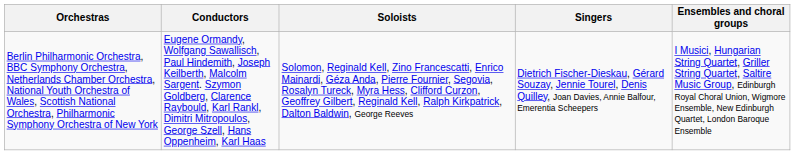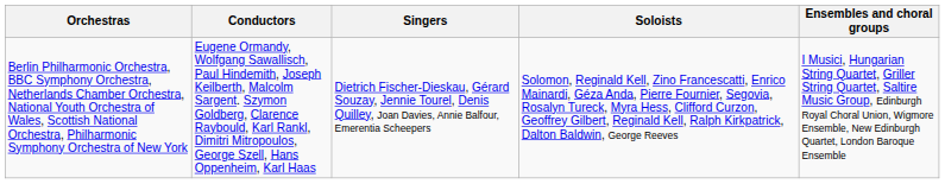 <table class="wikitable toptextcells">
 <tr class="hintergrundfarbe5">
 <th style="width:20%;">Orchestras</th>
 <th style="width:15%;">Conductors</th>
+<th style="width:20%;">Singers</th>
 <th style="width:30%;">Soloists</th>
-<th style="width:20%;">Singers</th>
 <th style="width:15%;">Ensembles and choral groups</th>
 </tr>
 <tr>
 <td><a href='#'>Berlin Philharmonic Orchestra</a>, <a href='#'>BBC Symphony Orchestra</a>, <a href='#'>Netherlands Chamber Orchestra</a>, <a href='#'>National Youth Orchestra of Wales</a>, <a href='#'>Scottish National Orchestra</a>, <a href='#'>Philharmonic Symphony Orchestra of New York</a></td>
 <td><a href='#'>Eugene Ormandy</a>, <a href='#'>Wolfgang Sawallisch</a>, <a href='#'>Paul Hindemith</a>, <a href='#'>Joseph Keilberth</a>, <a href='#'>Malcolm Sargent</a>. <a href='#'>Szymon Goldberg</a>, <a href='#'>Clarence Raybould</a>, <a href='#'>Karl Rankl</a>, <a href='#'>Dimitri Mitropoulos</a>, <a href='#'>George Szell</a>, <a href='#'>Hans Oppenheim</a>, <a href='#'>Karl Haas</a></td>
+<td><a href='#'>Dietrich Fischer-Dieskau</a>, <a href='#'>Gérard Souzay</a>, <a href='#'>Jennie Tourel</a>, <a href='#'>Denis Quilley</a>, <small>Joan Davies, Annie Balfour, Emerentia Scheepers</small></td>
 <td><a href='#'>Solomon</a>, <a href='#'>Reginald Kell</a>, <a href='#'>Zino Francescatti</a>, <a href='#'>Enrico Mainardi</a>, <a href='#'>Géza Anda</a>, <a href='#'>Pierre Fournier</a>, <a href='#'>Segovia</a>, <a href='#'>Rosalyn Tureck</a>, <a href='#'>Myra Hess</a>, <a href='#'>Clifford Curzon</a>, <a href='#'>Geoffrey Gilbert</a>, <a href='#'>Reginald Kell</a>, <a href='#'>Ralph Kirkpatrick</a>, <a href='#'>Dalton Baldwin</a>, <small>George Reeves</small></td>
-<td><a href='#'>Dietrich Fischer-Dieskau</a>, <a href='#'>Gérard Souzay</a>, <a href='#'>Jennie Tourel</a>, <a href='#'>Denis Quilley</a>, <small>Joan Davies, Annie Balfour, Emerentia Scheepers</small></td>
 <td><a href='#'>I Musici</a>, <a href='#'>Hungarian String Quartet</a>, <a href='#'>Griller String Quartet</a>,  <a href='#'>Saltire Music Group</a>, <small>Edinburgh Royal Choral Union, Wigmore Ensemble, New Edinburgh Quartet, London Baroque Ensemble</small></td>
 </tr>
 </table>
